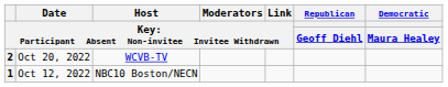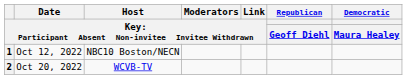 <table class="wikitable" style="text-align:center;">
 <tr>
 <th scope="col"></th>
 <th scope="col">Date</th>
 <th scope="col">Host</th>
 <th scope="col">Moderators</th>
 <th scope="col">Link</th>
 <th scope="col"><small><a href='#'>Republican</a></small></th>
 <th scope="col"><small><a href='#'>Democratic</a></small></th>
 </tr>
 <tr>
 <th colspan="5" rowspan="2">Key:<br> <small>Participant </small>  <small>Absent </small>  <small>Non-invitee </small>  <small>Invitee  Withdrawn</small></th>
 <th scope="col" style="background:"></th>
 <th scope="col" style="background:"></th>
 </tr>
 <tr>
 <th scope="col"><a href='#'>Geoff Diehl</a></th>
 <th scope="col"><a href='#'>Maura Healey</a></th>
 </tr>
 <tr>
+<th>1</th>
+<td>Oct 12, 2022</td>
+<td>NBC10 Boston/NECN</td>
+<td></td>
+<td></td>
+<td></td>
+<td></td>
+</tr>
+<tr>
 <th scope="row">2</th>
 <td style="white-space:nowrap;">Oct 20, 2022</td>
 <td style="white-space:nowrap;"><a href='#'>WCVB-TV</a></td>
 <td style="white-space:nowrap;"></td>
 <td style="white-space:nowrap;"></td>
 <td></td>
 <td></td>
 </tr>
-<tr>
-<th>1</th>
-<td>Oct 12, 2022</td>
-<td>NBC10 Boston/NECN</td>
-<td></td>
-<td></td>
-<td></td>
-<td></td>
-</tr>
 </table>
